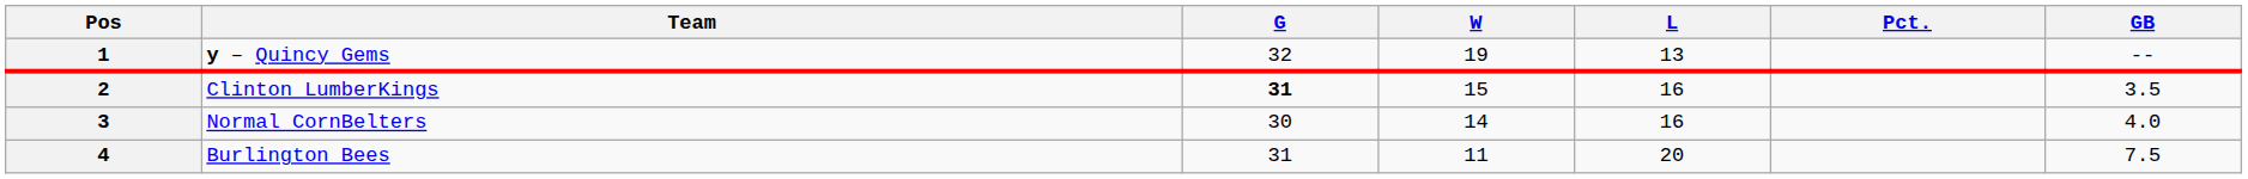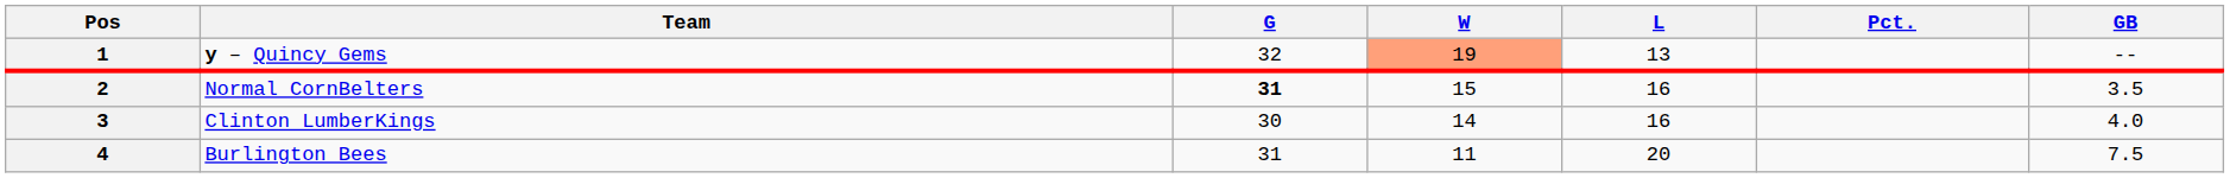 <table class="wikitable plainrowheaders" width="90%" style="text-align:center;">
 <tr>
 <th scope="col" width="5%">Pos</th>
 <th scope="col" width="25%">Team</th>
 <th scope="col" width="5%"><a href='#'>G</a></th>
 <th scope="col" width="5%"><a href='#'>W</a></th>
 <th scope="col" width="5%"><a href='#'>L</a></th>
 <th scope="col" width="7%"><a href='#'>Pct.</a></th>
 <th scope="col" width="5%"><a href='#'>GB</a></th>
 </tr>
 <tr>
 <th>1</th>
 <td style="text-align:left;"><strong>y</strong> – <a href='#'>Quincy Gems</a></td>
 <td>32</td>
-<td>19</td>
+<td style="background: lightsalmon;">19</td>
 <td>13</td>
 <td></td>
 <td>--</td>
 </tr>
 <tr>
 </tr>
 <tr |- style="border-top:3px solid red;">
 <th>2</th>
-<td style="text-align:left;"><a href='#'>Clinton LumberKings</a></td>
+<td style="text-align:left;"><a href='#'>Normal CornBelters</a></td>
 <td><strong>31</strong></td>
 <td>15</td>
 <td>16</td>
 <td></td>
 <td>3.5</td>
 </tr>
 <tr>
 <th>3</th>
-<td style="text-align:left;"><a href='#'>Normal CornBelters</a></td>
+<td style="text-align:left;"><a href='#'>Clinton LumberKings</a></td>
 <td>30</td>
 <td>14</td>
 <td>16</td>
 <td></td>
 <td>4.0</td>
 </tr>
 <tr>
 <th>4</th>
 <td style="text-align:left;"><a href='#'>Burlington Bees</a></td>
 <td>31</td>
 <td>11</td>
 <td>20</td>
 <td></td>
 <td>7.5</td>
 </tr>
 </table>
